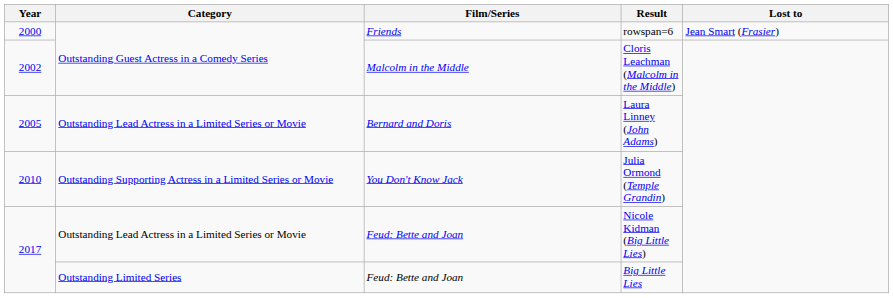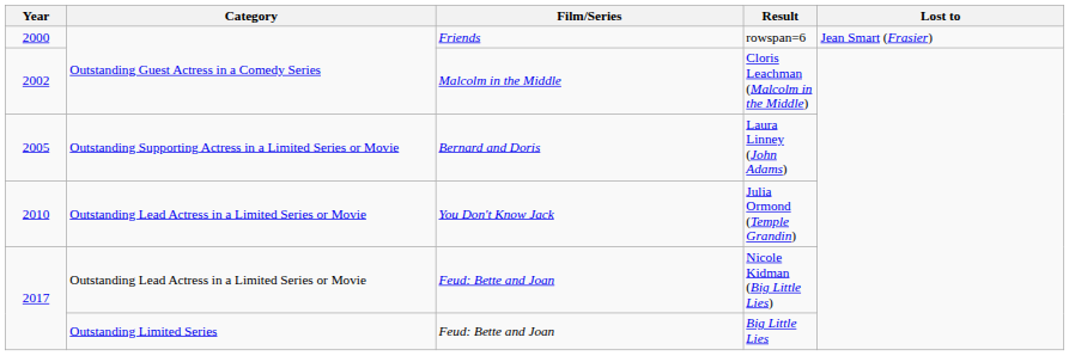 <table class="wikitable" width="100%" cellpadding="5">
 <tr>
 <th width="5%">Year</th>
 <th width="30%">Category</th>
 <th width="25%">Film/Series</th>
 <th width="5%">Result</th>
 <th width="20%">Lost to</th>
 </tr>
 <tr>
 <td style="text-align:center;"><a href='#'>2000</a></td>
 <td rowspan=2><a href='#'>Outstanding Guest Actress in a Comedy Series</a></td>
 <td><em><a href='#'>Friends</a></em></td>
 <td>rowspan=6 </td>
 <td><a href='#'>Jean Smart</a> (<em><a href='#'>Frasier</a></em>)</td>
 </tr>
 <tr>
 <td style="text-align:center;"><a href='#'>2002</a></td>
 <td><em><a href='#'>Malcolm in the Middle</a></em></td>
 <td><a href='#'>Cloris Leachman</a> (<em><a href='#'>Malcolm in the Middle</a></em>)</td>
 </tr>
 <tr>
 <td style="text-align:center;"><a href='#'>2005</a></td>
-<td><a href='#'>Outstanding Lead Actress in a Limited Series or Movie</a></td>
+<td><a href='#'>Outstanding Supporting Actress in a Limited Series or Movie</a></td>
 <td><em><a href='#'>Bernard and Doris</a></em></td>
 <td><a href='#'>Laura Linney</a> (<em><a href='#'>John Adams</a></em>)</td>
 </tr>
 <tr>
 <td style="text-align:center;"><a href='#'>2010</a></td>
-<td><a href='#'>Outstanding Supporting Actress in a Limited Series or Movie</a></td>
+<td><a href='#'>Outstanding Lead Actress in a Limited Series or Movie</a></td>
 <td><em><a href='#'>You Don't Know Jack</a></em></td>
 <td><a href='#'>Julia Ormond</a> (<em><a href='#'>Temple Grandin</a></em>)</td>
 </tr>
 <tr>
 <td rowspan=2 style="text-align:center;"><a href='#'>2017</a></td>
 <td>Outstanding Lead Actress in a Limited Series or Movie</td>
 <td><em><a href='#'>Feud: Bette and Joan</a></em></td>
 <td><a href='#'>Nicole Kidman</a> (<em><a href='#'>Big Little Lies</a></em>)</td>
 </tr>
 <tr>
 <td><a href='#'>Outstanding Limited Series</a></td>
 <td><em>Feud: Bette and Joan</em> </td>
 <td><em><a href='#'>Big Little Lies</a></em></td>
 </tr>
 </table>
